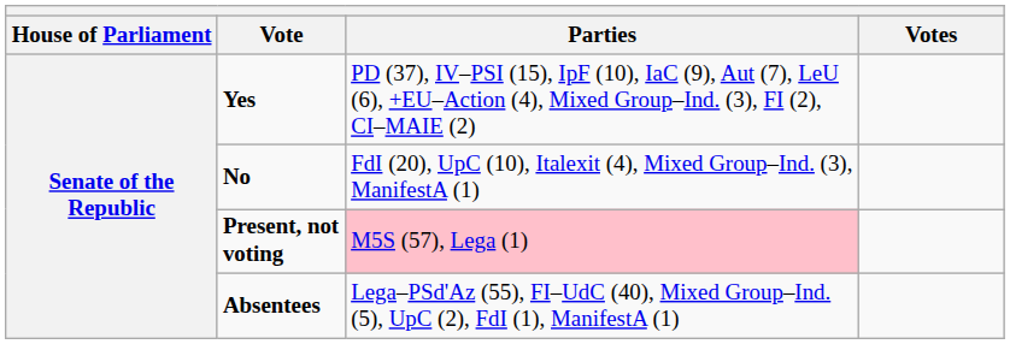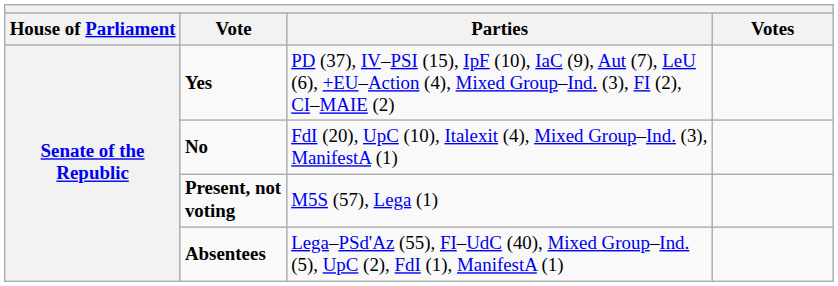 <table class="wikitable" style="font-size:85%;">
 <tr>
 <th colspan="4"></th>
 </tr>
 <tr>
 <th width="120">House of <a href='#'>Parliament</a></th>
 <th width="70">Vote</th>
 <th width="300">Parties</th>
 <th width="80" align="center">Votes</th>
 </tr>
 <tr>
 <th rowspan="5"><a href='#'>Senate of the Republic</a><br></th>
 <td> <strong>Yes</strong></td>
 <td><a href='#'>PD</a> (37), <a href='#'>IV</a>–<a href='#'>PSI</a> (15), <a href='#'>IpF</a> (10), <a href='#'>IaC</a> (9), <a href='#'>Aut</a> (7), <a href='#'>LeU</a> (6), <a href='#'>+EU</a>–<a href='#'>Action</a> (4), <a href='#'>Mixed Group</a>–<a href='#'>Ind.</a> (3), <a href='#'>FI</a> (2), <a href='#'>CI</a>–<a href='#'>MAIE</a> (2)</td>
 <td></td>
 </tr>
 <tr>
 <td> <strong>No</strong></td>
 <td><a href='#'>FdI</a> (20), <a href='#'>UpC</a> (10), <a href='#'>Italexit</a> (4), <a href='#'>Mixed Group</a>–<a href='#'>Ind.</a> (3), <a href='#'>ManifestA</a> (1)</td>
 <td></td>
 </tr>
 <tr>
 <td><strong>Present, not voting</strong></td>
-<td style="background: pink;"><a href='#'>M5S</a> (57), <a href='#'>Lega</a> (1)</td>
+<td><a href='#'>M5S</a> (57), <a href='#'>Lega</a> (1)</td>
 <td></td>
 </tr>
 <tr>
 <td><strong>Absentees</strong></td>
 <td><a href='#'>Lega</a>–<a href='#'>PSd'Az</a> (55), <a href='#'>FI</a>–<a href='#'>UdC</a> (40), <a href='#'>Mixed Group</a>–<a href='#'>Ind.</a> (5), <a href='#'>UpC</a> (2), <a href='#'>FdI</a> (1), <a href='#'>ManifestA</a> (1)</td>
 <td></td>
 </tr>
 </table>
